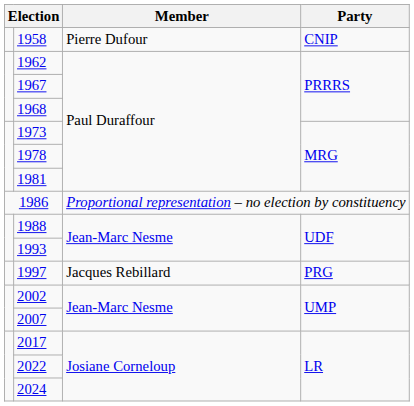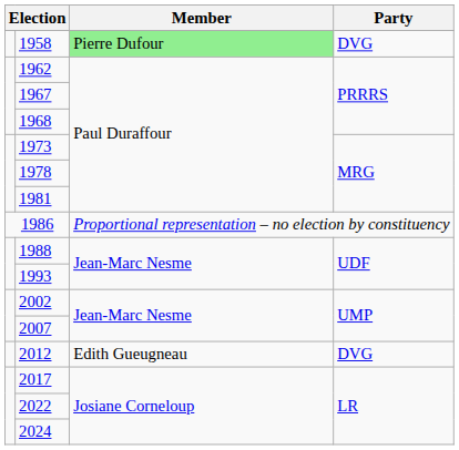 <table class="wikitable">
 <tr>
 <th colspan="2">Election</th>
 <th>Member</th>
 <th>Party</th>
 </tr>
 <tr>
 <td style="background-color: "></td>
 <td><a href='#'>1958</a></td>
-<td>Pierre Dufour</td>
-<td><a href='#'>CNIP</a></td>
+<td style="background: lightgreen;">Pierre Dufour</td>
+<td><a href='#'>DVG</a></td>
 </tr>
 <tr>
 <td rowspan="3" style="background-color: "></td>
 <td><a href='#'>1962</a></td>
 <td rowspan="6">Paul Duraffour</td>
 <td rowspan="3"><a href='#'>PRRRS</a></td>
 </tr>
 <tr>
 <td><a href='#'>1967</a></td>
 </tr>
 <tr>
 <td><a href='#'>1968</a></td>
 </tr>
 <tr>
 <td rowspan="3" style="background-color: "></td>
 <td><a href='#'>1973</a></td>
 <td rowspan="3"><a href='#'>MRG</a></td>
 </tr>
 <tr>
 <td><a href='#'>1978</a></td>
 </tr>
 <tr>
 <td><a href='#'>1981</a></td>
 </tr>
 <tr>
 <td colspan="2" align="center"><a href='#'>1986</a></td>
 <td colspan="2"><em><a href='#'>Proportional representation</a> – no election by constituency</em></td>
 </tr>
 <tr>
 <td rowspan="2" style="background-color: "></td>
 <td><a href='#'>1988</a></td>
 <td rowspan="2"><a href='#'>Jean-Marc Nesme</a></td>
 <td rowspan="2"><a href='#'>UDF</a></td>
 </tr>
 <tr>
 <td><a href='#'>1993</a></td>
 </tr>
 <tr>
-<td style="background-color: "></td>
-<td><a href='#'>1997</a></td>
-<td>Jacques Rebillard</td>
-<td><a href='#'>PRG</a></td>
-</tr>
-<tr>
 <td rowspan="2" style="background-color: "></td>
 <td><a href='#'>2002</a></td>
 <td rowspan="2"><a href='#'>Jean-Marc Nesme</a></td>
 <td rowspan="2"><a href='#'>UMP</a></td>
 </tr>
 <tr>
 <td><a href='#'>2007</a></td>
+</tr>
+<tr>
+<td style="background-color: "></td>
+<td><a href='#'>2012</a></td>
+<td>Edith Gueugneau</td>
+<td><a href='#'>DVG</a></td>
 </tr>
 <tr>
 <td rowspan="3" style="background-color: "></td>
 <td><a href='#'>2017</a></td>
 <td rowspan="3"><a href='#'>Josiane Corneloup</a></td>
 <td rowspan="3"><a href='#'>LR</a></td>
 </tr>
 <tr>
 <td><a href='#'>2022</a></td>
 </tr>
 <tr>
 <td><a href='#'>2024</a></td>
 </tr>
 </table>
